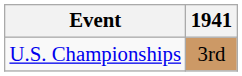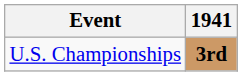 <table class="wikitable">
 <tr>
 <th>Event</th>
 <th>1941</th>
 </tr>
 <tr>
 <td><a href='#'>U.S. Championships</a></td>
-<td align="center" bgcolor="cc9966">3rd</td>
+<td align="center" bgcolor="cc9966"><strong>3rd</strong></td>
 </tr>
 </table>
